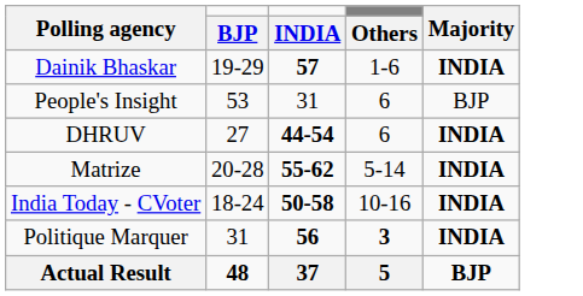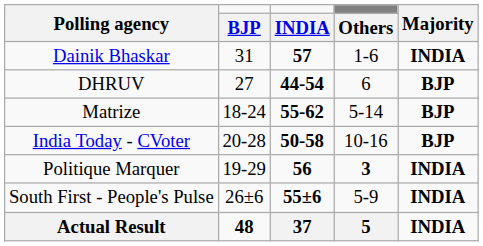 <table class="wikitable" style="text-align:center;font-size:95%;line-height:16px;">
 <tr>
 <th rowspan="2">Polling agency</th>
 <td></td>
 <td></td>
 <td style="background:gray;"></td>
 <th rowspan="2">Majority</th>
 </tr>
 <tr>
 <th><a href='#'>BJP</a></th>
 <th><a href='#'>INDIA</a></th>
 <th>Others</th>
 </tr>
 <tr>
 <td><a href='#'>Dainik Bhaskar</a></td>
-<td>19-29</td>
+<td>31</td>
 <td><strong>57</strong></td>
 <td>1-6</td>
 <td><strong>INDIA</strong></td>
-</tr>
-<tr>
-<td>People's Insight</td>
-<td>53</td>
-<td>31</td>
-<td>6</td>
-<td>BJP</td>
 </tr>
 <tr>
 <td>DHRUV</td>
 <td>27</td>
 <td><strong>44-54</strong></td>
 <td>6</td>
+<td><strong>BJP</strong></td>
+</tr>
+<tr>
+<td>Matrize</td>
+<td>18-24</td>
+<td><strong>55-62</strong></td>
+<td>5-14</td>
+<td><strong>BJP</strong></td>
+</tr>
+<tr>
+<td><a href='#'>India Today</a> - <a href='#'>CVoter</a></td>
+<td>20-28</td>
+<td><strong>50-58</strong></td>
+<td>10-16</td>
+<td><strong>BJP</strong></td>
+</tr>
+<tr>
+<td>Politique Marquer</td>
+<td>19-29</td>
+<td><strong>56</strong></td>
+<td><strong>3</strong></td>
 <td><strong>INDIA</strong></td>
 </tr>
 <tr>
-<td>Matrize</td>
-<td>20-28</td>
-<td><strong>55-62</strong></td>
-<td>5-14</td>
-<td><strong>INDIA</strong></td>
-</tr>
-<tr>
-<td><a href='#'>India Today</a> - <a href='#'>CVoter</a></td>
-<td>18-24</td>
-<td><strong>50-58</strong></td>
-<td>10-16</td>
-<td><strong>INDIA</strong></td>
-</tr>
-<tr>
-<td>Politique Marquer</td>
-<td>31</td>
-<td><strong>56</strong></td>
-<td><strong>3</strong></td>
+<td>South First - People's Pulse</td>
+<td>26±6</td>
+<td><strong>55±6</strong></td>
+<td>5-9</td>
 <td><strong>INDIA</strong></td>
 </tr>
 <tr>
 <th>Actual Result</th>
 <td><strong>48</strong></td>
 <th>37</th>
 <th>5</th>
-<td><strong>BJP</strong></td>
+<td><strong>INDIA</strong></td>
 </tr>
 </table>
